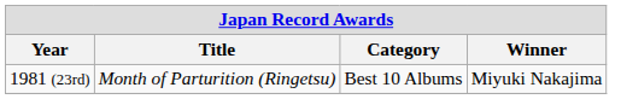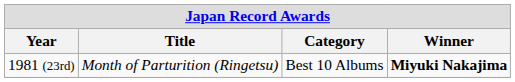 <table class="wikitable" border="1">
 <tr>
 <td colspan=4 bgcolor="#DDDDDD" align=center><strong><a href='#'>Japan Record Awards</a></strong></td>
 </tr>
 <tr>
 <th align="center">Year</th>
 <th align="center">Title</th>
 <th align="center">Category</th>
 <th align="center">Winner</th>
 </tr>
 <tr>
 <td align="left">1981 <small>(23rd)</small></td>
 <td align="left"><em>Month of Parturition (Ringetsu)</em></td>
 <td align="left">Best 10 Albums</td>
-<td align="left">Miyuki Nakajima</td>
+<td align="left"><strong>Miyuki Nakajima</strong></td>
 </tr>
 <tr>
 </tr>
 </table>
